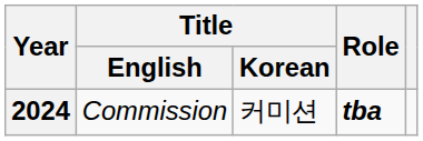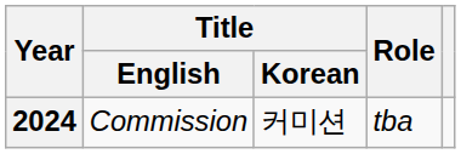 <table class="wikitable sortable plainrowheaders">
 <tr>
 <th scope="col" rowspan="2">Year</th>
 <th scope="col" colspan="2">Title</th>
 <th scope="col" rowspan="2">Role</th>
 <th scope="col" rowspan="2" class="unsortable"></th>
 </tr>
 <tr>
 <th scope="col">English</th>
 <th scope="col" style=>Korean</th>
 </tr>
 <tr>
 <th rowspan="2" scope="row">2024</th>
 <td><em>Commission</em></td>
 <td>커미션</td>
-<td><strong><em>tba</em></strong></td>
+<td><em>tba</em></td>
 <td style="text-align:center"></td>
 </tr>
 </table>
